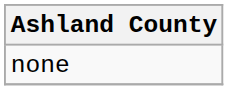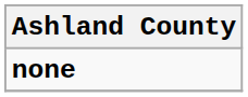 <table class="wikitable">
 <tr>
 <th>Ashland County</th>
 </tr>
 <tr>
-<td>none</td>
+<td><strong>none</strong></td>
 </tr>
 <tr>
 </tr>
 </table>
